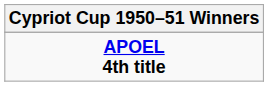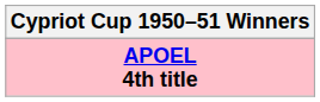 <table class="wikitable" style="text-align:center;margin: 0 auto;">
 <tr>
 <th>Cypriot Cup 1950–51 Winners</th>
 </tr>
 <tr>
 </tr>
 <tr>
-<td><strong><a href='#'>APOEL</a></strong><br><strong>4th title</strong></td>
+<td style="background: pink;"><strong><a href='#'>APOEL</a></strong><br><strong>4th title</strong></td>
 </tr>
 </table>
